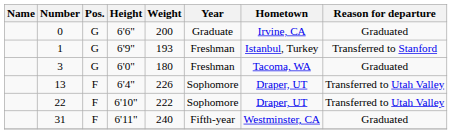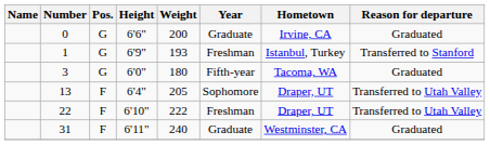 <table class="wikitable sortable sortable" style="text-align: center">
 <tr align=center>
 <th>Name</th>
 <th>Number</th>
 <th>Pos.</th>
 <th>Height</th>
 <th>Weight</th>
 <th>Year</th>
 <th>Hometown</th>
 <th>Reason for departure</th>
 </tr>
 <tr>
 <td></td>
 <td>0</td>
 <td>G</td>
 <td>6'6"</td>
 <td>200</td>
 <td>Graduate</td>
 <td><a href='#'>Irvine, CA</a></td>
 <td>Graduated</td>
 </tr>
 <tr>
 <td></td>
 <td>1</td>
 <td>G</td>
 <td>6'9"</td>
 <td>193</td>
 <td>Freshman</td>
 <td><a href='#'>Istanbul</a>, Turkey</td>
 <td>Transferred to <a href='#'>Stanford</a></td>
 </tr>
 <tr>
 <td></td>
 <td>3</td>
 <td>G</td>
 <td>6'0"</td>
 <td>180</td>
-<td>Freshman</td>
+<td>Fifth-year</td>
 <td><a href='#'>Tacoma, WA</a></td>
 <td>Graduated</td>
 </tr>
 <tr>
 <td></td>
 <td>13</td>
 <td>F</td>
 <td>6'4"</td>
-<td>226</td>
+<td>205</td>
 <td>Sophomore</td>
 <td><a href='#'>Draper, UT</a></td>
 <td>Transferred to <a href='#'>Utah Valley</a></td>
 </tr>
 <tr>
 <td></td>
 <td>22</td>
 <td>F</td>
 <td>6'10"</td>
 <td>222</td>
-<td>Sophomore</td>
+<td>Freshman</td>
 <td><a href='#'>Draper, UT</a></td>
 <td>Transferred to <a href='#'>Utah Valley</a></td>
 </tr>
 <tr>
 <td></td>
 <td>31</td>
 <td>F</td>
 <td>6'11"</td>
 <td>240</td>
-<td>Fifth-year</td>
+<td>Graduate</td>
 <td><a href='#'>Westminster, CA</a></td>
 <td>Graduated</td>
 </tr>
 <tr>
 </tr>
 </table>
